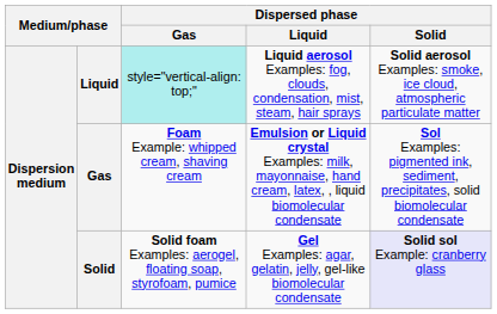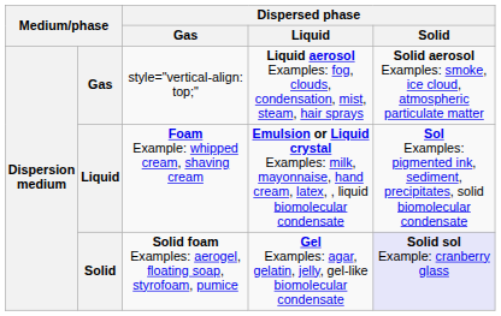 <table class="wikitable" style="text-align:center">
 <tr>
 <th colspan="2" rowspan="2">Medium/phase</th>
 <th colspan="3">Dispersed phase</th>
 </tr>
 <tr>
 <th style=width:30%;>Gas</th>
 <th style=width:30%;>Liquid</th>
 <th style=width:30%;>Solid</th>
 </tr>
 <tr>
 <th rowspan="3">Dispersion <br>medium</th>
-<th>Liquid</th>
-<td style="background: paleturquoise;">style="vertical-align: top;" </td>
+<th>Gas</th>
+<td>style="vertical-align: top;" </td>
 <td style="vertical-align: top;"><strong>Liquid <a href='#'>aerosol</a></strong><br>Examples: <a href='#'>fog</a>, <a href='#'>clouds</a>, <a href='#'>condensation</a>, <a href='#'>mist</a>, <a href='#'>steam</a>, <a href='#'>hair sprays</a></td>
 <td style="vertical-align: top;"><strong>Solid aerosol</strong><br>Examples: <a href='#'>smoke</a>, <a href='#'>ice cloud</a>, <a href='#'>atmospheric particulate matter</a></td>
 </tr>
 <tr>
-<th>Gas</th>
+<th>Liquid</th>
 <td style="vertical-align: top;"><strong><a href='#'>Foam</a></strong><br>Example: <a href='#'>whipped cream</a>, <a href='#'>shaving cream</a></td>
 <td style="vertical-align: top;"><strong><a href='#'>Emulsion</a> or <a href='#'>Liquid crystal</a></strong><br>Examples: <a href='#'>milk</a>, <a href='#'>mayonnaise</a>, <a href='#'>hand cream</a>, <a href='#'>latex</a>, , liquid <a href='#'>biomolecular condensate</a></td>
 <td style="vertical-align: top;"><strong><a href='#'>Sol</a></strong><br>Examples: <a href='#'>pigmented ink</a>, <a href='#'>sediment</a>, <a href='#'>precipitates</a>, solid <a href='#'>biomolecular condensate</a></td>
 </tr>
 <tr>
 <th>Solid</th>
 <td style="vertical-align: top;"><strong>Solid foam</strong><br>Examples: <a href='#'>aerogel</a>, <a href='#'>floating soap</a>, <a href='#'>styrofoam</a>, <a href='#'>pumice</a></td>
 <td style="vertical-align: top;"><strong><a href='#'>Gel</a></strong><br>Examples: <a href='#'>agar</a>, <a href='#'>gelatin</a>, <a href='#'>jelly</a>, gel-like <a href='#'>biomolecular condensate</a></td>
 <td style="background: lavender; vertical-align: top;"><strong>Solid sol</strong><br>Example: <a href='#'>cranberry glass</a></td>
 </tr>
 </table>
